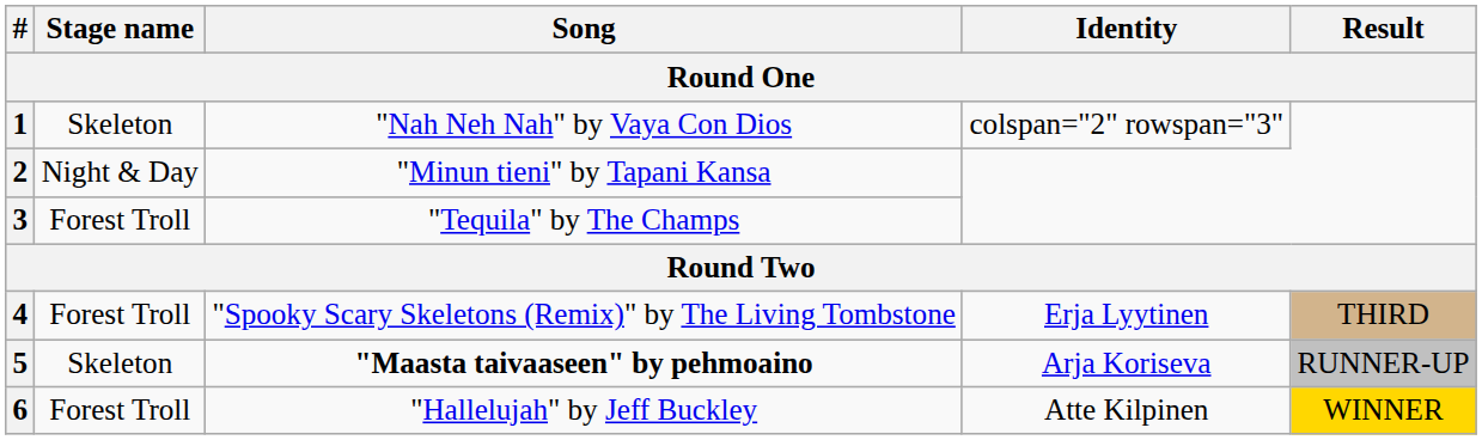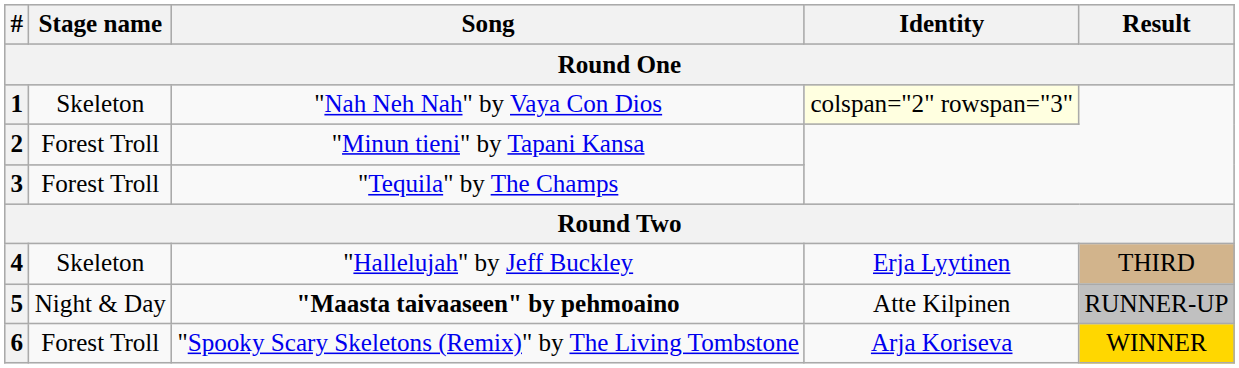 <table class="wikitable plainrowheaders" style="text-align: center;">
 <tr>
 <th>#</th>
 <th>Stage name</th>
 <th>Song</th>
 <th>Identity</th>
 <th>Result</th>
 </tr>
 <tr>
 <th colspan="6">Round One</th>
 </tr>
 <tr>
 <th>1</th>
 <td>Skeleton</td>
 <td>"<a href='#'>Nah Neh Nah</a>" by <a href='#'>Vaya Con Dios</a></td>
-<td>colspan="2" rowspan="3" </td>
+<td style="background: lightyellow;">colspan="2" rowspan="3" </td>
 </tr>
 <tr>
 <th>2</th>
-<td>Night & Day</td>
+<td>Forest Troll</td>
 <td>"<a href='#'>Minun tieni</a>" by <a href='#'>Tapani Kansa</a></td>
 </tr>
 <tr>
 <th>3</th>
 <td>Forest Troll</td>
 <td>"<a href='#'>Tequila</a>" by <a href='#'>The Champs</a></td>
 </tr>
 <tr>
 <th colspan="6">Round Two</th>
 </tr>
 <tr>
 <th>4</th>
-<td>Forest Troll</td>
-<td>"<a href='#'>Spooky Scary Skeletons (Remix)</a>" by <a href='#'>The Living Tombstone</a></td>
+<td>Skeleton</td>
+<td>"<a href='#'>Hallelujah</a>" by <a href='#'>Jeff Buckley</a></td>
 <td><a href='#'>Erja Lyytinen</a></td>
 <td bgcolor=tan>THIRD</td>
 </tr>
 <tr>
 <th>5</th>
-<td>Skeleton</td>
+<td>Night & Day</td>
 <td><strong>"Maasta taivaaseen" by pehmoaino</strong></td>
-<td><a href='#'>Arja Koriseva</a></td>
+<td>Atte Kilpinen</td>
 <td bgcolor=silver>RUNNER-UP</td>
 </tr>
 <tr>
 <th>6</th>
 <td>Forest Troll</td>
-<td>"<a href='#'>Hallelujah</a>" by <a href='#'>Jeff Buckley</a></td>
-<td>Atte Kilpinen</td>
+<td>"<a href='#'>Spooky Scary Skeletons (Remix)</a>" by <a href='#'>The Living Tombstone</a></td>
+<td><a href='#'>Arja Koriseva</a></td>
 <td bgcolor=gold>WINNER</td>
 </tr>
 </table>
